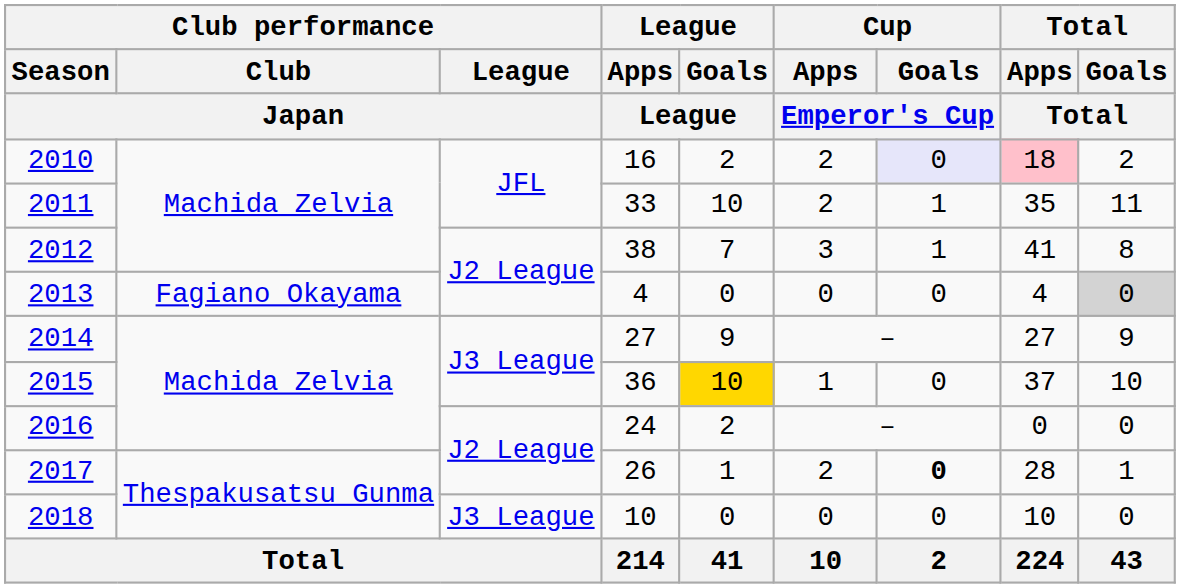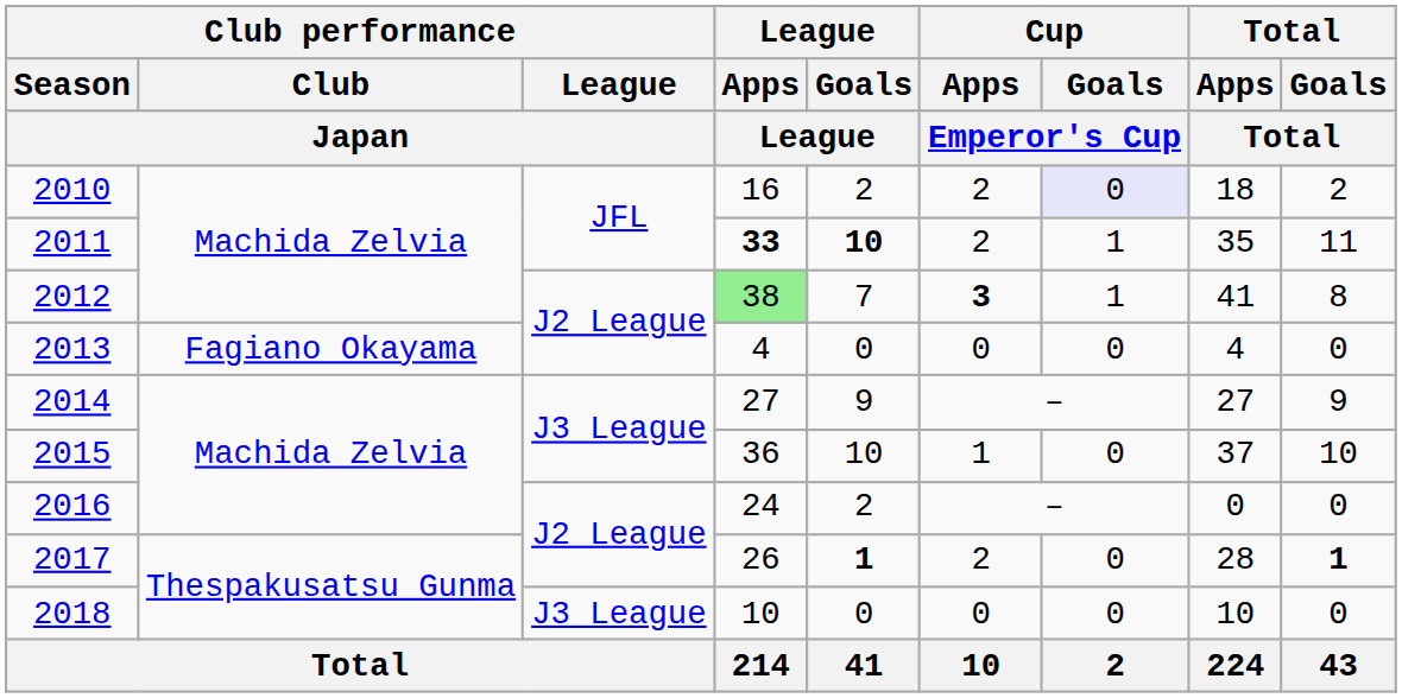 <table class="wikitable" style="text-align:center;">
 <tr>
 <th colspan=3>Club performance</th>
 <th colspan=2>League</th>
 <th colspan=2>Cup</th>
 <th colspan=2>Total</th>
 </tr>
 <tr>
 <th>Season</th>
 <th>Club</th>
 <th>League</th>
 <th>Apps</th>
 <th>Goals</th>
 <th>Apps</th>
 <th>Goals</th>
 <th>Apps</th>
 <th>Goals</th>
 </tr>
 <tr>
 <th colspan=3>Japan</th>
 <th colspan=2>League</th>
 <th colspan=2><a href='#'>Emperor's Cup</a></th>
 <th colspan=2>Total</th>
 </tr>
 <tr>
 <td><a href='#'>2010</a></td>
 <td rowspan="3"><a href='#'>Machida Zelvia</a></td>
 <td rowspan="2"><a href='#'>JFL</a></td>
 <td>16</td>
 <td>2</td>
 <td>2</td>
 <td style="background: lavender;">0</td>
-<td style="background: pink;">18</td>
+<td>18</td>
 <td>2</td>
 </tr>
 <tr>
 <td><a href='#'>2011</a></td>
-<td>33</td>
-<td>10</td>
+<td><strong>33</strong></td>
+<td><strong>10</strong></td>
 <td>2</td>
 <td>1</td>
 <td>35</td>
 <td>11</td>
 </tr>
 <tr>
 <td><a href='#'>2012</a></td>
 <td rowspan="2"><a href='#'>J2 League</a></td>
-<td>38</td>
+<td style="background: lightgreen;">38</td>
 <td>7</td>
-<td>3</td>
+<td><strong>3</strong></td>
 <td>1</td>
 <td>41</td>
 <td>8</td>
 </tr>
 <tr>
 <td><a href='#'>2013</a></td>
 <td><a href='#'>Fagiano Okayama</a></td>
 <td>4</td>
 <td>0</td>
 <td>0</td>
 <td>0</td>
 <td>4</td>
-<td style="background: lightgrey;">0</td>
+<td>0</td>
 </tr>
 <tr>
 <td><a href='#'>2014</a></td>
 <td rowspan="3"><a href='#'>Machida Zelvia</a></td>
 <td rowspan="2"><a href='#'>J3 League</a></td>
 <td>27</td>
 <td>9</td>
 <td colspan="2">–</td>
 <td>27</td>
 <td>9</td>
 </tr>
 <tr>
 <td><a href='#'>2015</a></td>
 <td>36</td>
-<td style="background: gold;">10</td>
+<td>10</td>
 <td>1</td>
 <td>0</td>
 <td>37</td>
 <td>10</td>
 </tr>
 <tr>
 <td><a href='#'>2016</a></td>
 <td rowspan="2"><a href='#'>J2 League</a></td>
 <td>24</td>
 <td>2</td>
 <td colspan="2">–</td>
 <td>0</td>
 <td>0</td>
 </tr>
 <tr>
 <td><a href='#'>2017</a></td>
 <td rowspan="2"><a href='#'>Thespakusatsu Gunma</a></td>
 <td>26</td>
-<td>1</td>
+<td><strong>1</strong></td>
 <td>2</td>
-<td><strong>0</strong></td>
+<td>0</td>
 <td>28</td>
-<td>1</td>
+<td><strong>1</strong></td>
 </tr>
 <tr>
 <td><a href='#'>2018</a></td>
 <td rowspan="1"><a href='#'>J3 League</a></td>
 <td>10</td>
 <td>0</td>
 <td>0</td>
 <td>0</td>
 <td>10</td>
 <td>0</td>
 </tr>
 <tr>
 <th colspan=3>Total</th>
 <th>214</th>
 <th>41</th>
 <th>10</th>
 <th>2</th>
 <th>224</th>
 <th>43</th>
 </tr>
 </table>
